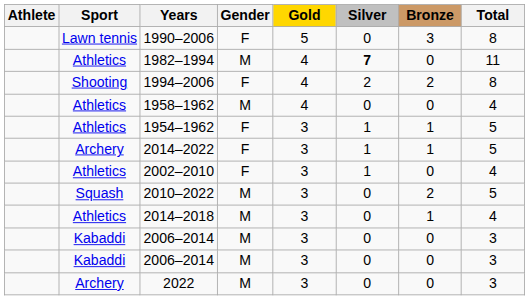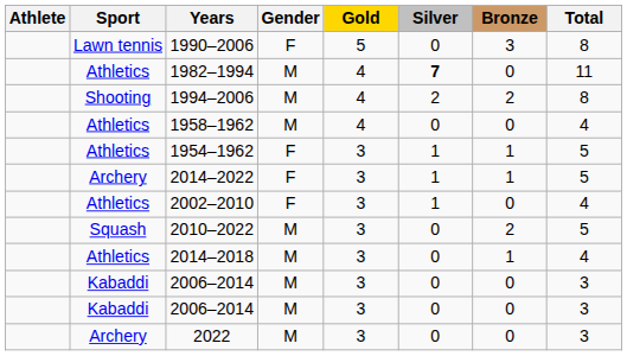 <table class="wikitable sortable" style="text-align:center;">
 <tr>
 <th>Athlete</th>
 <th>Sport</th>
 <th>Years</th>
 <th>Gender</th>
 <th style="background-color:gold; width:4.0em; font-weight:bold;">Gold</th>
 <th style="background-color:silver; width:4.0em; font-weight:bold;">Silver</th>
 <th style="background-color:#cc9966; width:4.0em; font-weight:bold;">Bronze</th>
 <th style="width:4.0em;">Total</th>
 </tr>
 <tr>
 <td></td>
 <td><a href='#'>Lawn tennis</a></td>
 <td>1990–2006</td>
 <td>F</td>
 <td>5</td>
 <td>0</td>
 <td>3</td>
 <td>8</td>
 </tr>
 <tr>
 <td></td>
 <td><a href='#'>Athletics</a></td>
 <td>1982–1994</td>
 <td>M</td>
 <td>4</td>
 <td><strong>7</strong></td>
 <td>0</td>
 <td>11</td>
 </tr>
 <tr>
 <td></td>
 <td><a href='#'>Shooting</a></td>
 <td>1994–2006</td>
-<td>F</td>
+<td>M</td>
 <td>4</td>
 <td>2</td>
 <td>2</td>
 <td>8</td>
 </tr>
 <tr>
 <td></td>
 <td><a href='#'>Athletics</a></td>
 <td>1958–1962</td>
 <td>M</td>
 <td>4</td>
 <td>0</td>
 <td>0</td>
 <td>4</td>
 </tr>
 <tr>
 <td></td>
 <td><a href='#'>Athletics</a></td>
 <td>1954–1962</td>
 <td>F</td>
 <td>3</td>
 <td>1</td>
 <td>1</td>
 <td>5</td>
 </tr>
 <tr>
 <td></td>
 <td><a href='#'>Archery</a></td>
 <td>2014–2022</td>
 <td>F</td>
 <td>3</td>
 <td>1</td>
 <td>1</td>
 <td>5</td>
 </tr>
 <tr>
 <td></td>
 <td><a href='#'>Athletics</a></td>
 <td>2002–2010</td>
 <td>F</td>
 <td>3</td>
 <td>1</td>
 <td>0</td>
 <td>4</td>
 </tr>
 <tr>
 <td></td>
 <td><a href='#'>Squash</a></td>
 <td>2010–2022</td>
 <td>M</td>
 <td>3</td>
 <td>0</td>
 <td>2</td>
 <td>5</td>
 </tr>
 <tr>
 <td></td>
 <td><a href='#'>Athletics</a></td>
 <td>2014–2018</td>
 <td>M</td>
 <td>3</td>
 <td>0</td>
 <td>1</td>
 <td>4</td>
 </tr>
 <tr>
 <td></td>
 <td><a href='#'>Kabaddi</a></td>
 <td>2006–2014</td>
 <td>M</td>
 <td>3</td>
 <td>0</td>
 <td>0</td>
 <td>3</td>
 </tr>
 <tr>
 <td></td>
 <td><a href='#'>Kabaddi</a></td>
 <td>2006–2014</td>
 <td>M</td>
 <td>3</td>
 <td>0</td>
 <td>0</td>
 <td>3</td>
 </tr>
 <tr>
 <td></td>
 <td><a href='#'>Archery</a></td>
 <td>2022</td>
 <td>M</td>
 <td>3</td>
 <td>0</td>
 <td>0</td>
 <td>3</td>
 </tr>
 </table>
